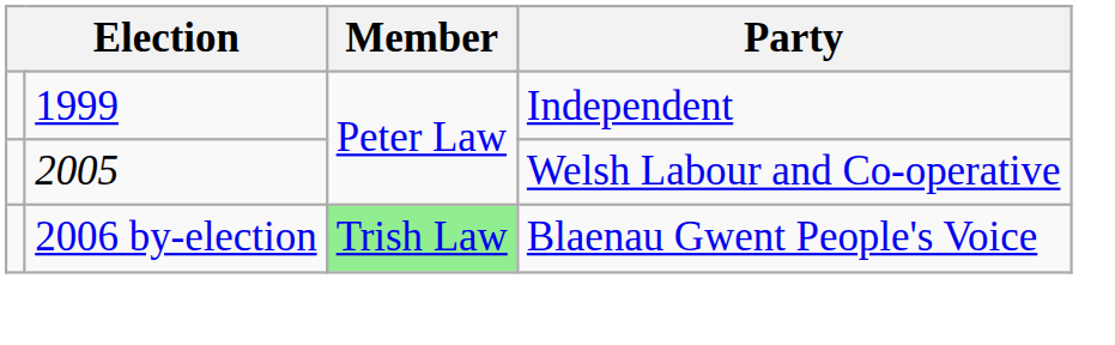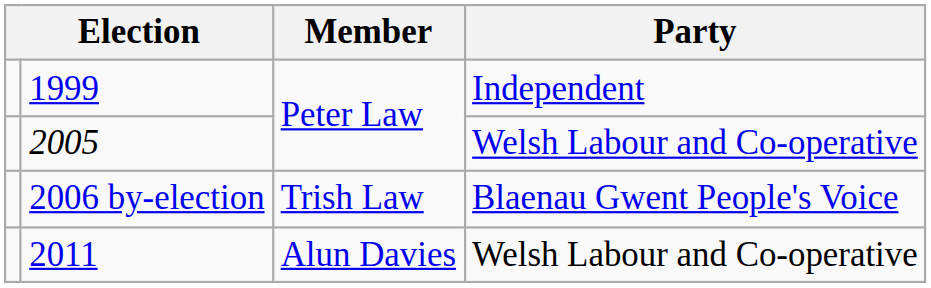 <table class="wikitable">
 <tr>
 <th colspan="2">Election</th>
 <th>Member</th>
 <th>Party</th>
 </tr>
 <tr>
 <td style="background-color: "></td>
 <td><a href='#'>1999</a></td>
 <td rowspan=2><a href='#'>Peter Law</a></td>
 <td><a href='#'>Independent</a></td>
 </tr>
 <tr>
 <td style="background-color: "></td>
 <td><em>2005</em></td>
 <td><a href='#'>Welsh Labour and Co-operative</a></td>
 </tr>
 <tr>
 <td style="background-color: "></td>
 <td><a href='#'>2006 by-election</a></td>
-<td style="background: lightgreen;"><a href='#'>Trish Law</a></td>
+<td><a href='#'>Trish Law</a></td>
 <td><a href='#'>Blaenau Gwent People's Voice</a></td>
 </tr>
+<tr>
+<td style="background-color: "></td>
+<td><a href='#'>2011</a></td>
+<td><a href='#'>Alun Davies</a></td>
+<td>Welsh Labour and Co-operative</td>
+</tr>
 </table>
